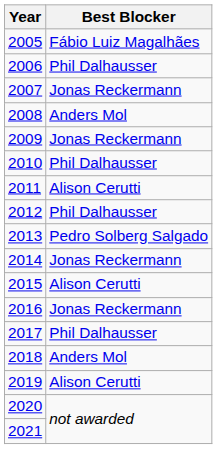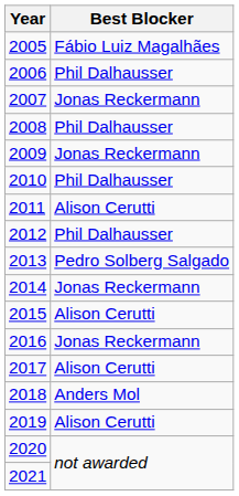 <table class="wikitable sortable" style="display:inline-table;">
 <tr>
 <th>Year</th>
 <th>Best Blocker</th>
 </tr>
 <tr>
 <td><a href='#'>2005</a></td>
 <td> <a href='#'>Fábio Luiz Magalhães</a></td>
 </tr>
 <tr>
 <td><a href='#'>2006</a></td>
 <td> <a href='#'>Phil Dalhausser</a> </td>
 </tr>
 <tr>
 <td><a href='#'>2007</a></td>
 <td> <a href='#'>Jonas Reckermann</a></td>
 </tr>
 <tr>
 <td><a href='#'>2008</a></td>
-<td> <a href='#'>Anders Mol</a> </td>
+<td> <a href='#'>Phil Dalhausser</a> </td>
 </tr>
 <tr>
 <td><a href='#'>2009</a></td>
 <td> <a href='#'>Jonas Reckermann</a></td>
 </tr>
 <tr>
 <td><a href='#'>2010</a></td>
 <td> <a href='#'>Phil Dalhausser</a> </td>
 </tr>
 <tr>
 <td><a href='#'>2011</a></td>
 <td> <a href='#'>Alison Cerutti</a> </td>
 </tr>
 <tr>
 <td><a href='#'>2012</a></td>
 <td> <a href='#'>Phil Dalhausser</a> </td>
 </tr>
 <tr>
 <td><a href='#'>2013</a></td>
 <td> <a href='#'>Pedro Solberg Salgado</a></td>
 </tr>
 <tr>
 <td><a href='#'>2014</a></td>
 <td> <a href='#'>Jonas Reckermann</a></td>
 </tr>
 <tr>
 <td><a href='#'>2015</a></td>
 <td> <a href='#'>Alison Cerutti</a> </td>
 </tr>
 <tr>
 <td><a href='#'>2016</a></td>
 <td> <a href='#'>Jonas Reckermann</a></td>
 </tr>
 <tr>
 <td><a href='#'>2017</a></td>
-<td> <a href='#'>Phil Dalhausser</a> </td>
+<td> <a href='#'>Alison Cerutti</a> </td>
 </tr>
 <tr>
 <td><a href='#'>2018</a></td>
 <td> <a href='#'>Anders Mol</a> </td>
 </tr>
 <tr>
 <td><a href='#'>2019</a></td>
 <td> <a href='#'>Alison Cerutti</a> </td>
 </tr>
 <tr>
 <td><a href='#'>2020</a></td>
 <td rowspan=2><em>not awarded</em></td>
 </tr>
 <tr>
 <td><a href='#'>2021</a></td>
 </tr>
 </table>
